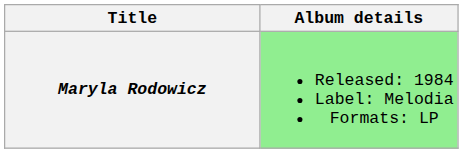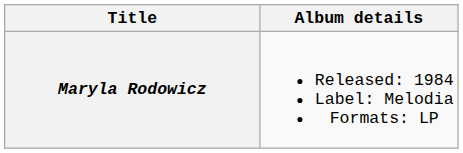 <table class="wikitable plainrowheaders" style="text-align:center;">
 <tr>
 <th scope="col" style="width:15em;">Title</th>
 <th scope="col">Album details</th>
 </tr>
 <tr>
 <th scope="row"><em>Maryla Rodowicz</em></th>
-<td style="background: lightgreen;"><br><ul><li>Released: 1984</li><li>Label: Melodia</li><li>Formats: LP</li></ul></td>
+<td><br><ul><li>Released: 1984</li><li>Label: Melodia</li><li>Formats: LP</li></ul></td>
 </tr>
 </table>
